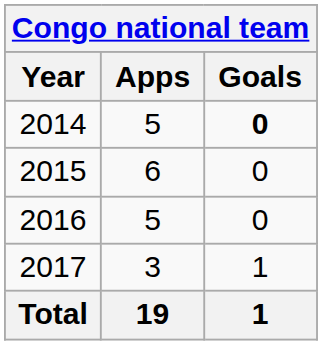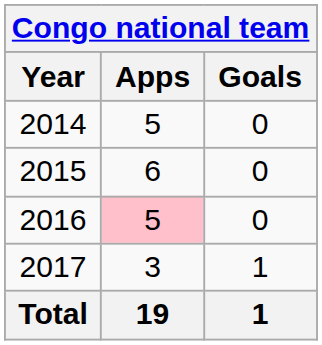 <table class="wikitable" style="text-align:center">
 <tr>
 <th colspan=3><a href='#'>Congo national team</a></th>
 </tr>
 <tr>
 <th>Year</th>
 <th>Apps</th>
 <th>Goals</th>
 </tr>
 <tr>
 <td>2014</td>
 <td>5</td>
-<td><strong>0</strong></td>
+<td>0</td>
 </tr>
 <tr>
 <td>2015</td>
 <td>6</td>
 <td>0</td>
 </tr>
 <tr>
 <td>2016</td>
-<td>5</td>
+<td style="background: pink;">5</td>
 <td>0</td>
 </tr>
 <tr>
 <td>2017</td>
 <td>3</td>
 <td>1</td>
 </tr>
 <tr>
 <th>Total</th>
 <th>19</th>
 <th>1</th>
 </tr>
 </table>
